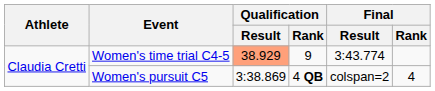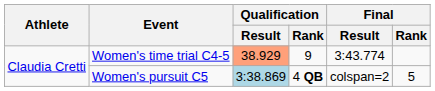 <table class=wikitable style="font-size:90%">
 <tr>
 <th rowspan="2">Athlete</th>
 <th rowspan="2">Event</th>
 <th colspan="2">Qualification</th>
 <th colspan="2">Final</th>
 </tr>
 <tr>
 <th>Result</th>
 <th>Rank</th>
 <th>Result</th>
 <th>Rank</th>
 </tr>
 <tr align=center>
 <td align=left rowspan=2><a href='#'>Claudia Cretti</a></td>
 <td align=left><a href='#'>Women's time trial C4-5</a></td>
 <td style="background: lightsalmon;">38.929</td>
 <td>9</td>
 <td>3:43.774</td>
 </tr>
 <tr align=center>
 <td align=left><a href='#'>Women's pursuit C5</a></td>
-<td>3:38.869</td>
+<td style="background: lightblue;">3:38.869</td>
 <td>4 <strong>QB</strong></td>
 <td>colspan=2 </td>
-<td>4</td>
+<td>5</td>
 </tr>
 </table>
